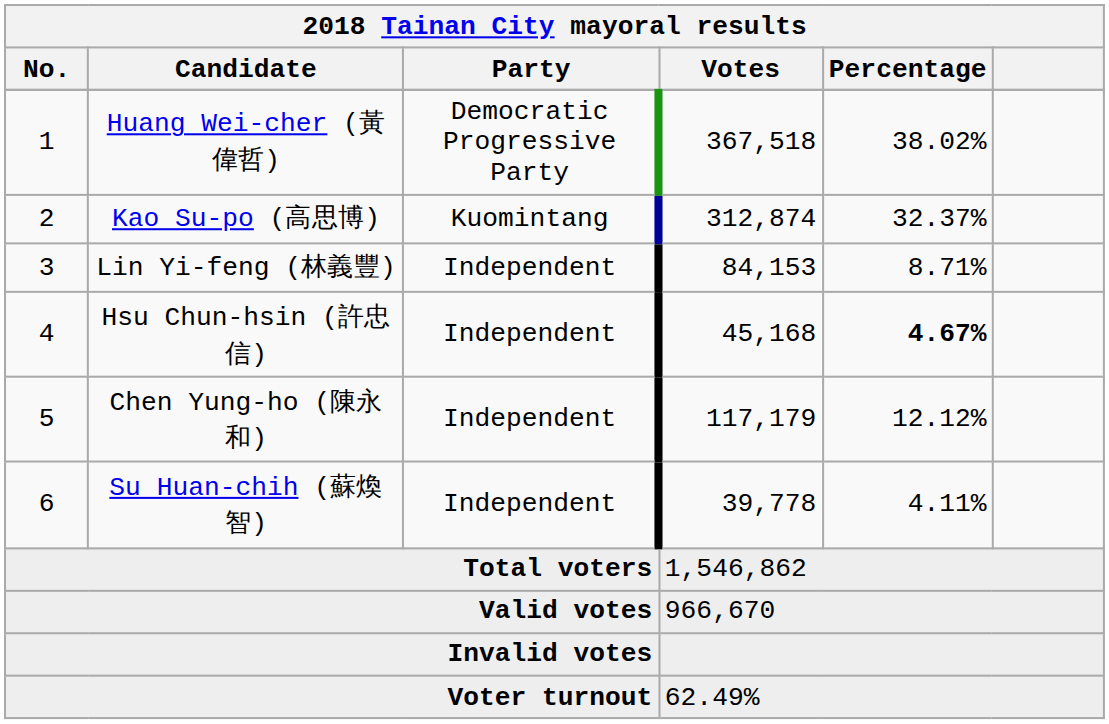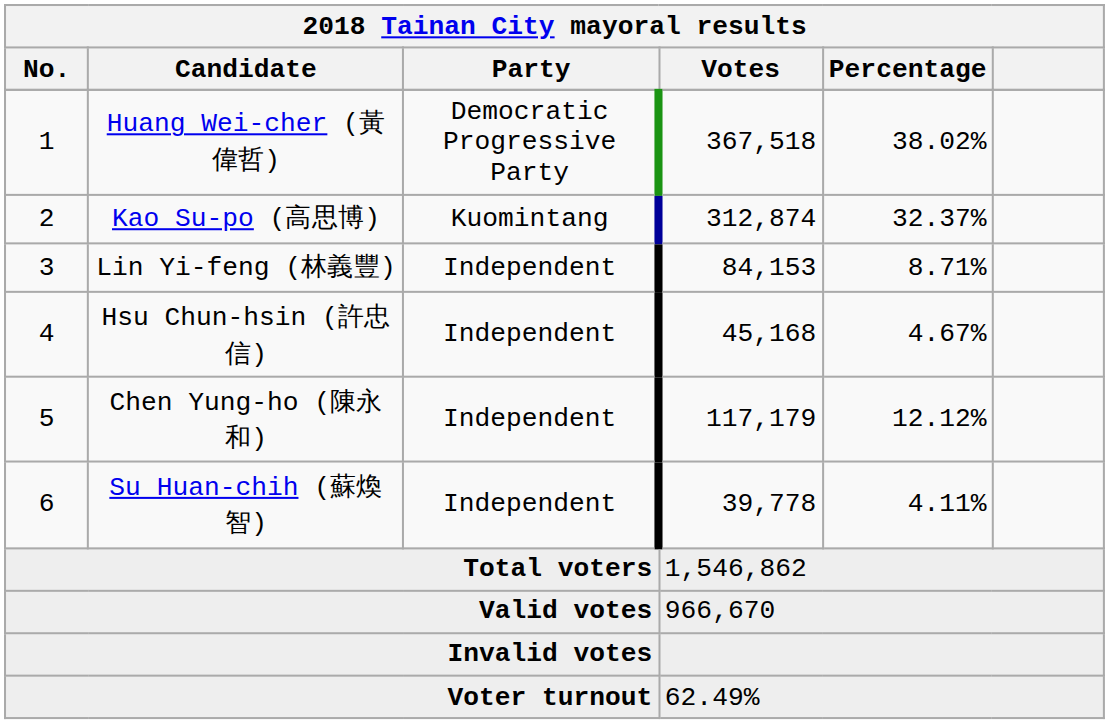 <table class="wikitable collapsible" style="text-align:center">
 <tr>
 <th colspan="6">2018 <a href='#'>Tainan City</a> mayoral results</th>
 </tr>
 <tr>
 <th width=35>No.</th>
 <th width=150>Candidate</th>
 <th width=120>Party</th>
 <th width=75>Votes</th>
 <th width=75>Percentage</th>
 <th width=49></th>
 </tr>
 <tr>
 </tr>
 <tr>
 <td>1</td>
 <td><a href='#'>Huang Wei-cher</a> (黃偉哲)</td>
 <td> Democratic Progressive Party</td>
 <td style="border-left:4px solid #1B9413;" align="right">367,518</td>
 <td align="right">38.02%</td>
 <td align="center"></td>
 </tr>
 <tr>
 <td>2</td>
 <td><a href='#'>Kao Su-po</a> (高思博)</td>
 <td> Kuomintang</td>
 <td style="border-left:4px solid #000099;" align="right">312,874</td>
 <td align="right">32.37%</td>
 <td align="center"></td>
 </tr>
 <tr>
 <td>3</td>
 <td>Lin Yi-feng (林義豐)</td>
 <td> Independent</td>
 <td style="border-left:4px solid #000000;" align="right">84,153</td>
 <td align="right">8.71%</td>
 <td align="center"></td>
 </tr>
 <tr>
 <td>4</td>
 <td>Hsu Chun-hsin (許忠信)</td>
 <td> Independent</td>
 <td style="border-left:4px solid #000000;" align="right">45,168</td>
-<td align="right"><strong>4.67%</strong></td>
+<td align="right">4.67%</td>
 <td align="center"></td>
 </tr>
 <tr>
 <td>5</td>
 <td>Chen Yung-ho (陳永和)</td>
 <td> Independent</td>
 <td style="border-left:4px solid #000000;" align="right">117,179</td>
 <td align="right">12.12%</td>
 <td align="center"></td>
 </tr>
 <tr>
 <td>6</td>
 <td><a href='#'>Su Huan-chih</a> (蘇煥智)</td>
 <td> Independent</td>
 <td style="border-left:4px solid #000000;" align="right">39,778</td>
 <td align="right">4.11%</td>
 <td align="center"></td>
 </tr>
 <tr bgcolor=EEEEEE>
 <td colspan="3" align="right"><strong>Total voters</strong></td>
 <td colspan="3" align="left">1,546,862</td>
 </tr>
 <tr bgcolor=EEEEEE>
 <td colspan="3" align="right"><strong>Valid votes</strong></td>
 <td colspan="3" align="left">966,670</td>
 </tr>
 <tr bgcolor=EEEEEE>
 <td colspan="3" align="right"><strong>Invalid votes</strong></td>
 <td colspan="3" align="left"></td>
 </tr>
 <tr bgcolor=EEEEEE>
 <td colspan="3" align="right"><strong>Voter turnout</strong></td>
 <td colspan="3" align="left">62.49%</td>
 </tr>
 </table>
